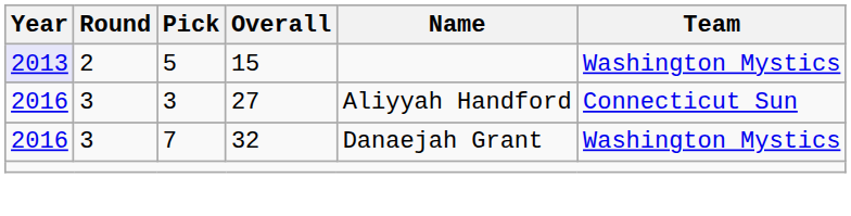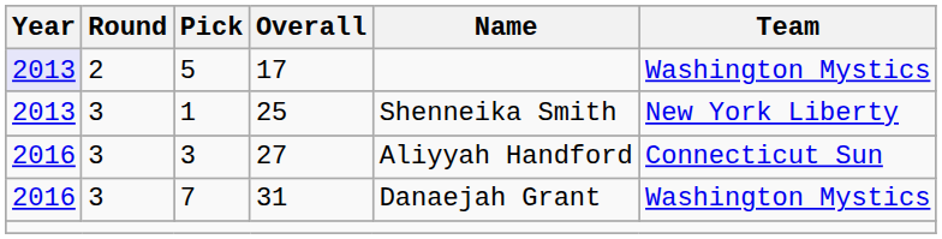 <table class="wikitable sortable">
 <tr>
 <th width=px>Year</th>
 <th width=px>Round</th>
 <th width=px>Pick</th>
 <th width=px>Overall</th>
 <th width=px>Name</th>
 <th width=px>Team</th>
 </tr>
 <tr>
 <td style="background: lavender;"><a href='#'>2013</a></td>
 <td>2</td>
 <td>5</td>
-<td>15</td>
+<td>17</td>
 <td></td>
 <td><a href='#'>Washington Mystics</a></td>
+</tr>
+<tr>
+<td><a href='#'>2013</a></td>
+<td>3</td>
+<td>1</td>
+<td>25</td>
+<td>Shenneika Smith</td>
+<td><a href='#'>New York Liberty</a></td>
 </tr>
 <tr>
 <td><a href='#'>2016</a></td>
 <td>3</td>
 <td>3</td>
 <td>27</td>
 <td>Aliyyah Handford</td>
 <td><a href='#'>Connecticut Sun</a></td>
 </tr>
 <tr>
 <td><a href='#'>2016</a></td>
 <td>3</td>
 <td>7</td>
-<td>32</td>
+<td>31</td>
 <td>Danaejah Grant</td>
 <td><a href='#'>Washington Mystics</a></td>
 </tr>
 <tr>
 <td colspan=6 align=center> </td>
 </tr>
 </table>
